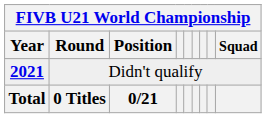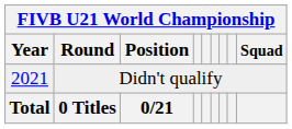 <table class="wikitable" style="text-align: center;">
 <tr>
 <th colspan=9><a href='#'>FIVB U21 World Championship</a></th>
 </tr>
 <tr>
 <th>Year</th>
 <th>Round</th>
 <th>Position</th>
 <th></th>
 <th></th>
 <th></th>
 <th></th>
 <th></th>
 <th><small>Squad</small></th>
 </tr>
 <tr bgcolor="efefef">
-<td><strong>  <a href='#'>2021</a></strong></td>
+<td>  <a href='#'>2021</a></td>
 <td colspan=9 rowspan=1>Didn't qualify</td>
 </tr>
 <tr>
 <th>Total</th>
 <th>0 Titles</th>
 <th>0/21</th>
 <th></th>
 <th></th>
 <th></th>
 <th></th>
 <th></th>
 <th></th>
 </tr>
 </table>
